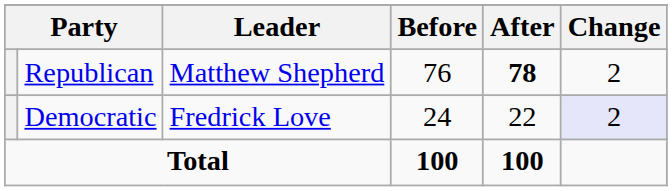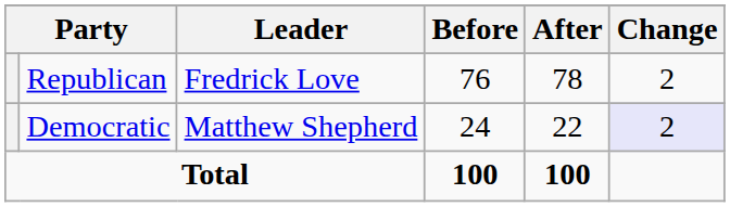 <table class="wikitable" style="text-align:center;">
 <tr>
 </tr>
 <tr>
 <th colspan=2>Party</th>
 <th>Leader</th>
 <th>Before</th>
 <th>After</th>
 <th>Change</th>
 </tr>
 <tr>
 <th style="background-color:"></th>
 <td style="text-align:left;"><a href='#'>Republican</a></td>
-<td style="text-align:left;"><a href='#'>Matthew Shepherd</a></td>
+<td style="text-align:left;"><a href='#'>Fredrick Love</a></td>
 <td>76</td>
-<td><strong>78</strong></td>
+<td>78</td>
 <td> 2</td>
 </tr>
 <tr>
 <th style="background-color:"></th>
 <td style="text-align:left;"><a href='#'>Democratic</a></td>
-<td style="text-align:left;"><a href='#'>Fredrick Love</a></td>
+<td style="text-align:left;"><a href='#'>Matthew Shepherd</a></td>
 <td>24</td>
 <td>22</td>
 <td style="background: lavender;"> 2</td>
 </tr>
 <tr>
 <td colspan=3><strong>Total</strong></td>
 <td><strong>100</strong></td>
 <td><strong>100</strong></td>
 <td></td>
 </tr>
 </table>
